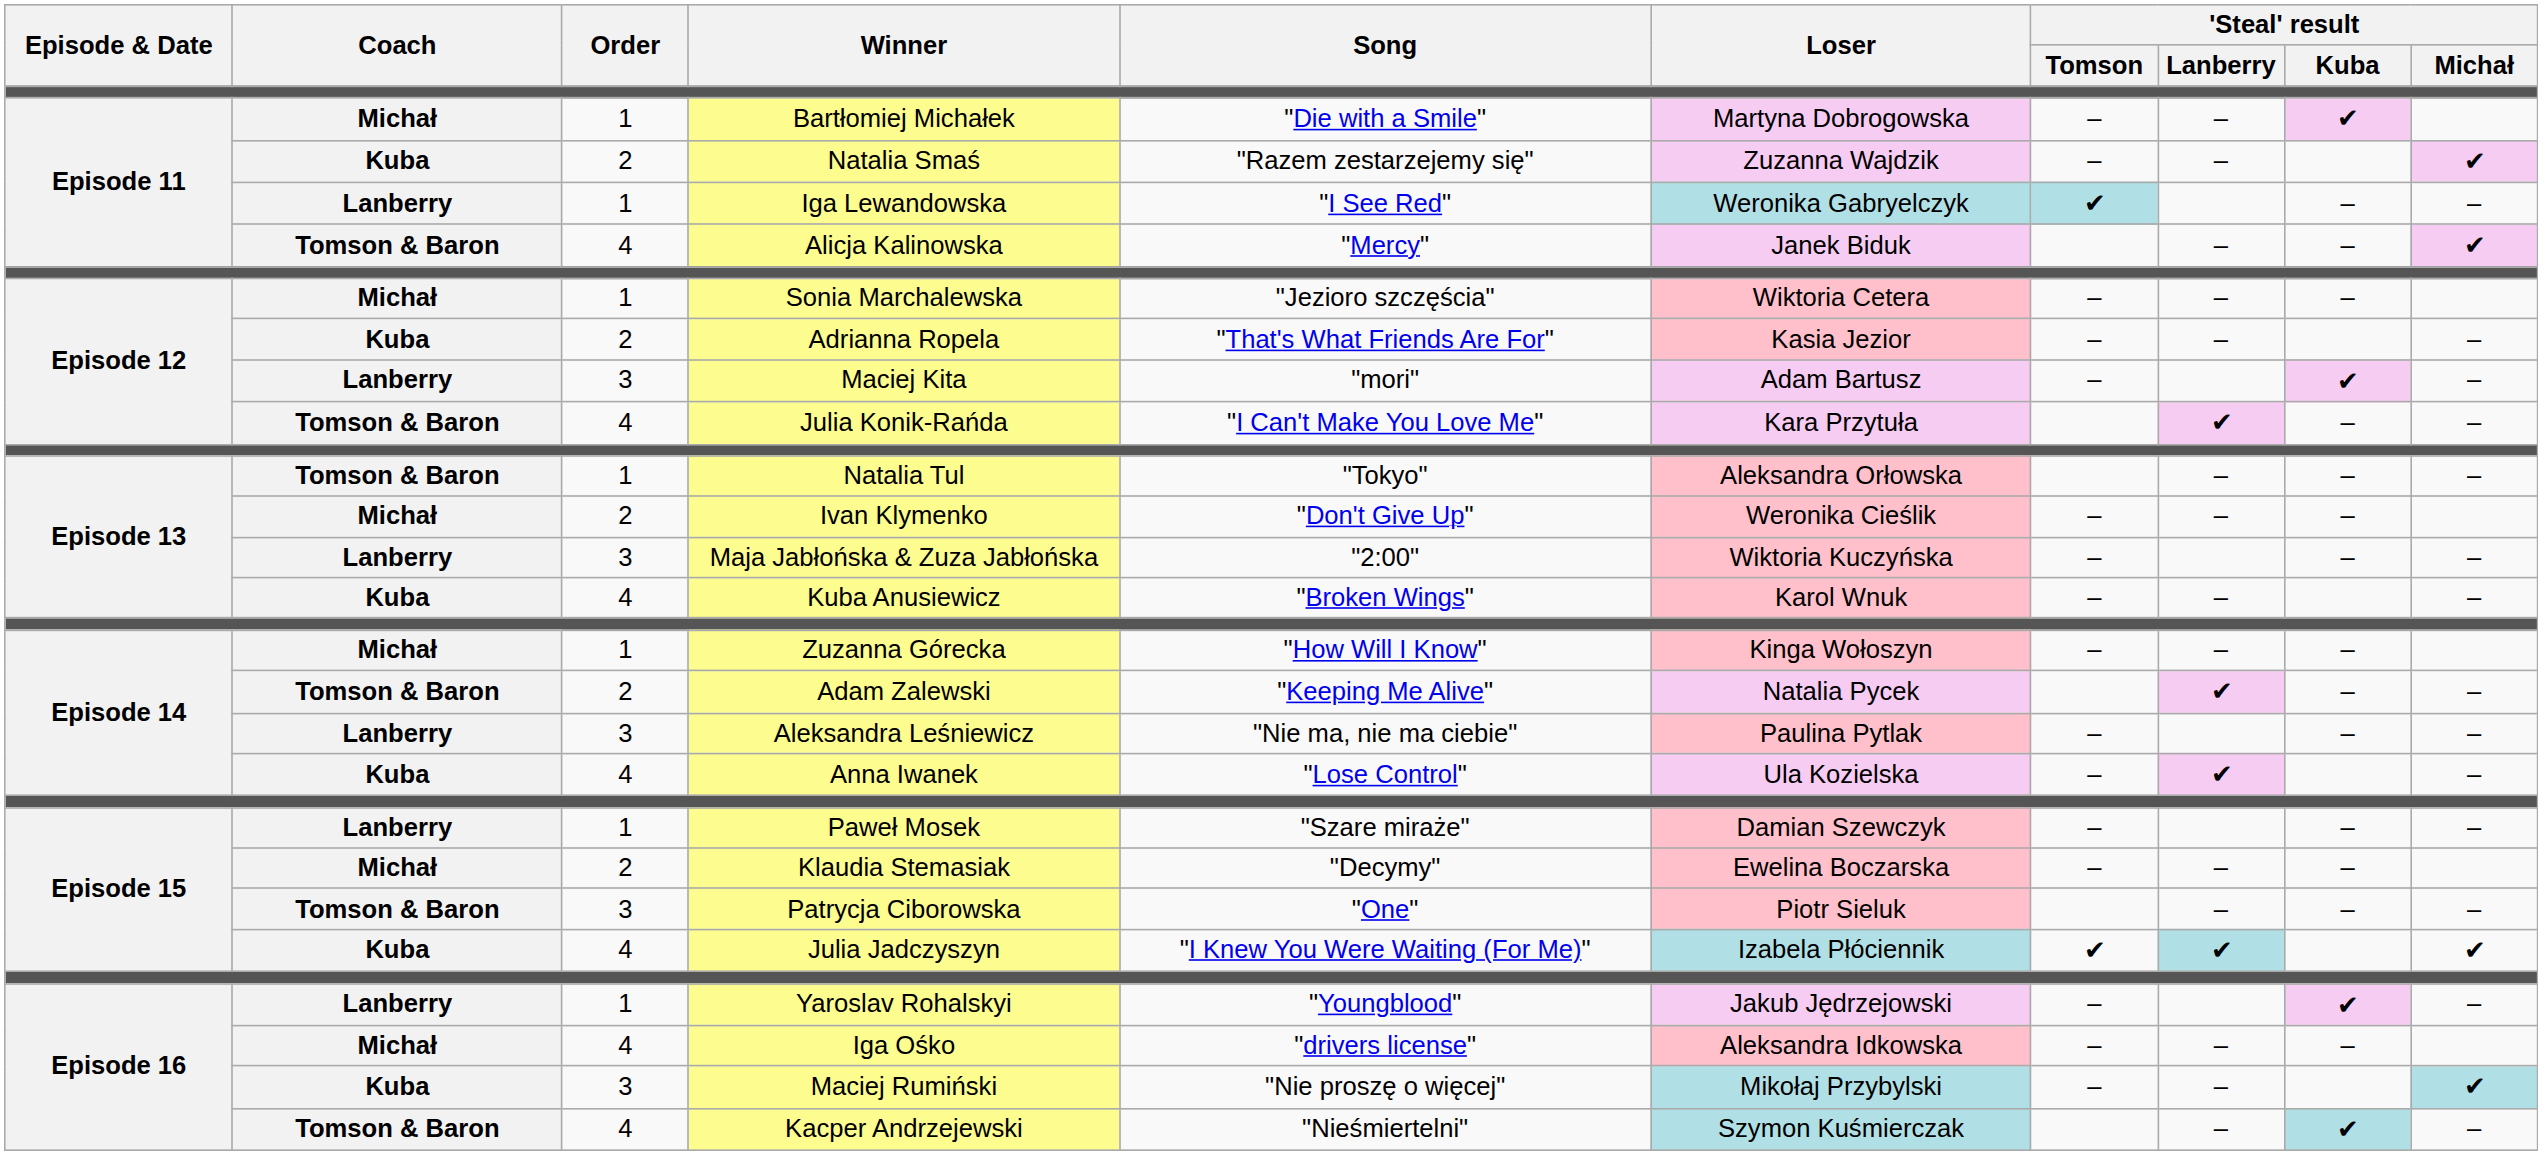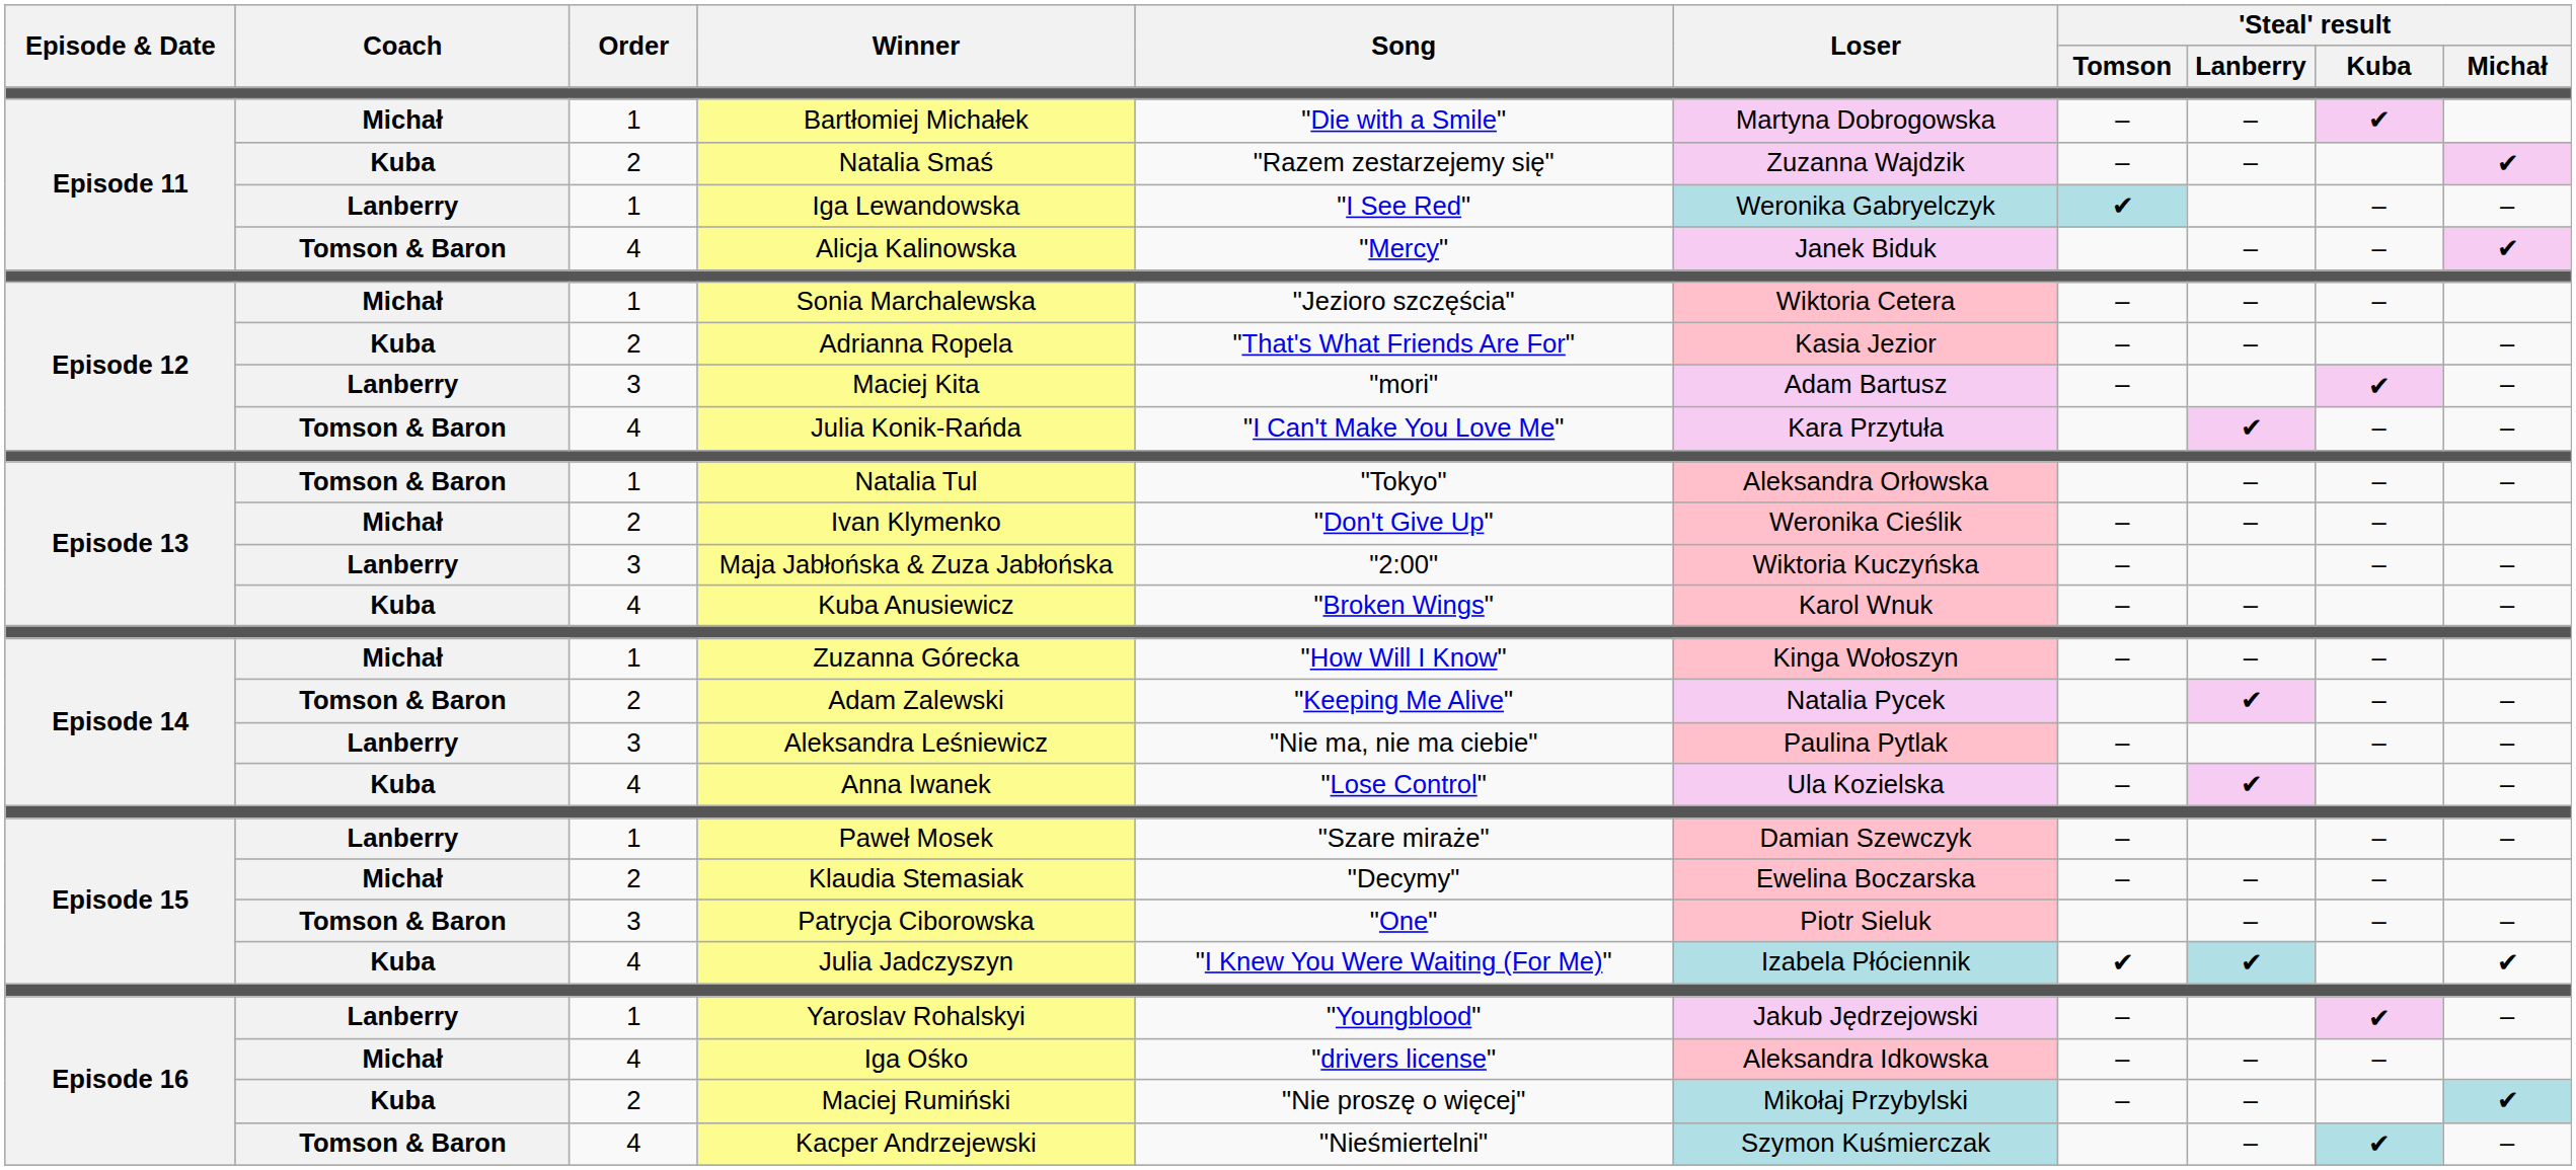 <table class="wikitable" style="text-align: center; width:100%;">
 <tr>
 <th rowspan="2" style="width:9%;">Episode & Date</th>
 <th rowspan="2" style="width:13%;">Coach</th>
 <th rowspan="2" style="width:05%;">Order</th>
 <th rowspan="2" style="width:17%;">Winner</th>
 <th rowspan="2" style="width:21%;">Song</th>
 <th rowspan="2" style="width:15%;">Loser</th>
 <th colspan="4" style="width:20%;">'Steal' result</th>
 </tr>
 <tr>
 <th style="width:05%">Tomson </th>
 <th style="width:05%">Lanberry</th>
 <th style="width:05%">Kuba</th>
 <th style="width:05%">Michał</th>
 </tr>
 <tr>
 <td colspan="10" style="background:#555"></td>
 </tr>
 <tr>
 <th rowspan="4">Episode 11<br></th>
 <th>Michał</th>
 <td>1</td>
 <td style="background:#fdfc8f">Bartłomiej Michałek</td>
 <td>"<a href='#'>Die with a Smile</a>"</td>
 <td style="background:#f7ccf2">Martyna Dobrogowska</td>
 <td>–</td>
 <td>–</td>
 <td style="background:#f7ccf2">✔</td>
 <td></td>
 </tr>
 <tr>
 <th>Kuba</th>
 <td>2</td>
 <td style="background:#fdfc8f">Natalia Smaś</td>
 <td>"Razem zestarzejemy się" </td>
 <td style="background:#f7ccf2">Zuzanna Wajdzik</td>
 <td>–</td>
 <td>–</td>
 <td></td>
 <td style="background:#f7ccf2">✔</td>
 </tr>
 <tr>
 <th>Lanberry</th>
 <td>1</td>
 <td style="background:#fdfc8f">Iga Lewandowska</td>
 <td>"<a href='#'>I See Red</a>"</td>
 <td style="background:#b0e0e6">Weronika Gabryelczyk</td>
 <td style="background:#b0e0e6">✔</td>
 <td></td>
 <td>–</td>
 <td>–</td>
 </tr>
 <tr>
 <th>Tomson & Baron</th>
 <td>4</td>
 <td style="background:#fdfc8f">Alicja Kalinowska</td>
 <td>"<a href='#'>Mercy</a>"</td>
 <td style="background:#f7ccf2">Janek Biduk</td>
 <td></td>
 <td>–</td>
 <td>–</td>
 <td style="background:#f7ccf2">✔</td>
 </tr>
 <tr>
 <td colspan="10" style="background:#555"></td>
 </tr>
 <tr>
 <th rowspan="4">Episode 12<br></th>
 <th>Michał</th>
 <td>1</td>
 <td style="background:#fdfc8f">Sonia Marchalewska</td>
 <td>"Jezioro szczęścia" </td>
 <td style="background:pink">Wiktoria Cetera</td>
 <td>–</td>
 <td>–</td>
 <td>–</td>
 <td></td>
 </tr>
 <tr>
 <th>Kuba</th>
 <td>2</td>
 <td style="background:#fdfc8f">Adrianna Ropela</td>
 <td>"<a href='#'>That's What Friends Are For</a>"</td>
 <td style="background:pink">Kasia Jezior</td>
 <td>–</td>
 <td>–</td>
 <td></td>
 <td>–</td>
 </tr>
 <tr>
 <th>Lanberry</th>
 <td>3</td>
 <td style="background:#fdfc8f">Maciej Kita</td>
 <td>"mori" </td>
 <td style="background:#f7ccf2">Adam Bartusz</td>
 <td>–</td>
 <td></td>
 <td style="background:#f7ccf2">✔</td>
 <td>–</td>
 </tr>
 <tr>
 <th>Tomson & Baron</th>
 <td>4</td>
 <td style="background:#fdfc8f">Julia Konik-Rańda</td>
 <td>"<a href='#'>I Can't Make You Love Me</a>"</td>
 <td style="background:#f7ccf2">Kara Przytuła</td>
 <td></td>
 <td style="background:#f7ccf2">✔</td>
 <td>–</td>
 <td>–</td>
 </tr>
 <tr>
 <td colspan="10" style="background:#555"></td>
 </tr>
 <tr>
 <th rowspan="4">Episode 13<br></th>
 <th>Tomson & Baron</th>
 <td>1</td>
 <td style="background:#fdfc8f">Natalia Tul</td>
 <td>"Tokyo" </td>
 <td style="background:pink">Aleksandra Orłowska</td>
 <td></td>
 <td>–</td>
 <td>–</td>
 <td>–</td>
 </tr>
 <tr>
 <th>Michał</th>
 <td>2</td>
 <td style="background:#fdfc8f">Ivan Klymenko</td>
 <td>"<a href='#'>Don't Give Up</a>"</td>
 <td style="background:pink">Weronika Cieślik</td>
 <td>–</td>
 <td>–</td>
 <td>–</td>
 <td></td>
 </tr>
 <tr>
 <th>Lanberry</th>
 <td>3</td>
 <td style="background:#fdfc8f">Maja Jabłońska & Zuza Jabłońska</td>
 <td>"2:00" </td>
 <td style="background:pink">Wiktoria Kuczyńska</td>
 <td>–</td>
 <td></td>
 <td>–</td>
 <td>–</td>
 </tr>
 <tr>
 <th>Kuba</th>
 <td>4</td>
 <td style="background:#fdfc8f">Kuba Anusiewicz</td>
 <td>"<a href='#'>Broken Wings</a>"</td>
 <td style="background:pink">Karol Wnuk</td>
 <td>–</td>
 <td>–</td>
 <td></td>
 <td>–</td>
 </tr>
 <tr>
 <td colspan="10" style="background:#555"></td>
 </tr>
 <tr>
 <th rowspan="4">Episode 14<br></th>
 <th>Michał</th>
 <td>1</td>
 <td style="background:#fdfc8f">Zuzanna Górecka</td>
 <td>"<a href='#'>How Will I Know</a>"</td>
 <td style="background:pink">Kinga Wołoszyn</td>
 <td>–</td>
 <td>–</td>
 <td>–</td>
 <td></td>
 </tr>
 <tr>
 <th>Tomson & Baron</th>
 <td>2</td>
 <td style="background:#fdfc8f">Adam Zalewski</td>
 <td>"<a href='#'>Keeping Me Alive</a>"</td>
 <td style="background:#f7ccf2">Natalia Pycek</td>
 <td></td>
 <td style="background:#f7ccf2">✔</td>
 <td>–</td>
 <td>–</td>
 </tr>
 <tr>
 <th>Lanberry</th>
 <td>3</td>
 <td style="background:#fdfc8f">Aleksandra Leśniewicz</td>
 <td>"Nie ma, nie ma ciebie" </td>
 <td style="background:pink">Paulina Pytlak</td>
 <td>–</td>
 <td></td>
 <td>–</td>
 <td>–</td>
 </tr>
 <tr>
 <th>Kuba</th>
 <td>4</td>
 <td style="background:#fdfc8f">Anna Iwanek</td>
 <td>"<a href='#'>Lose Control</a>"</td>
 <td style="background:#f7ccf2">Ula Kozielska</td>
 <td>–</td>
 <td style="background:#f7ccf2">✔</td>
 <td></td>
 <td>–</td>
 </tr>
 <tr>
 <td colspan="10" style="background:#555"></td>
 </tr>
 <tr>
 <th rowspan="4">Episode 15<br></th>
 <th>Lanberry</th>
 <td>1</td>
 <td style="background:#fdfc8f">Paweł Mosek</td>
 <td>"Szare miraże" </td>
 <td style="background:pink">Damian Szewczyk</td>
 <td>–</td>
 <td></td>
 <td>–</td>
 <td>–</td>
 </tr>
 <tr>
 <th>Michał</th>
 <td>2</td>
 <td style="background:#fdfc8f">Klaudia Stemasiak</td>
 <td>"Decymy" </td>
 <td style="background:pink">Ewelina Boczarska</td>
 <td>–</td>
 <td>–</td>
 <td>–</td>
 <td></td>
 </tr>
 <tr>
 <th>Tomson & Baron</th>
 <td>3</td>
 <td style="background:#fdfc8f">Patrycja Ciborowska</td>
 <td>"<a href='#'>One</a>"</td>
 <td style="background:pink">Piotr Sieluk</td>
 <td></td>
 <td>–</td>
 <td>–</td>
 <td>–</td>
 </tr>
 <tr>
 <th>Kuba</th>
 <td>4</td>
 <td style="background:#fdfc8f">Julia Jadczyszyn</td>
 <td>"<a href='#'>I Knew You Were Waiting (For Me)</a>"</td>
 <td style="background:#b0e0e6">Izabela Płóciennik</td>
 <td>✔</td>
 <td style="background:#b0e0e6">✔</td>
 <td></td>
 <td>✔</td>
 </tr>
 <tr>
 <td colspan="10" style="background:#555"></td>
 </tr>
 <tr>
 <th rowspan="4">Episode 16<br></th>
 <th>Lanberry</th>
 <td>1</td>
 <td style="background:#fdfc8f">Yaroslav Rohalskyi</td>
 <td>"<a href='#'>Youngblood</a>"</td>
 <td style="background:#f7ccf2">Jakub Jędrzejowski</td>
 <td>–</td>
 <td></td>
 <td style="background:#f7ccf2">✔</td>
 <td>–</td>
 </tr>
 <tr>
 <th>Michał</th>
 <td>4</td>
 <td style="background:#fdfc8f">Iga Ośko</td>
 <td>"<a href='#'>drivers license</a>"</td>
 <td style="background:pink">Aleksandra Idkowska</td>
 <td>–</td>
 <td>–</td>
 <td>–</td>
 <td></td>
 </tr>
 <tr>
 <th>Kuba</th>
-<td>3</td>
+<td>2</td>
 <td style="background:#fdfc8f">Maciej Rumiński</td>
 <td>"Nie proszę o więcej" </td>
 <td style="background:#b0e0e6">Mikołaj Przybylski</td>
 <td>–</td>
 <td>–</td>
 <td></td>
 <td style="background:#b0e0e6">✔</td>
 </tr>
 <tr>
 <th>Tomson & Baron</th>
 <td>4</td>
 <td style="background:#fdfc8f">Kacper Andrzejewski</td>
 <td>"Nieśmiertelni" </td>
 <td style="background:#b0e0e6">Szymon Kuśmierczak</td>
 <td></td>
 <td>–</td>
 <td style="background:#b0e0e6">✔</td>
 <td>–</td>
 </tr>
 <tr>
 </tr>
 </table>
